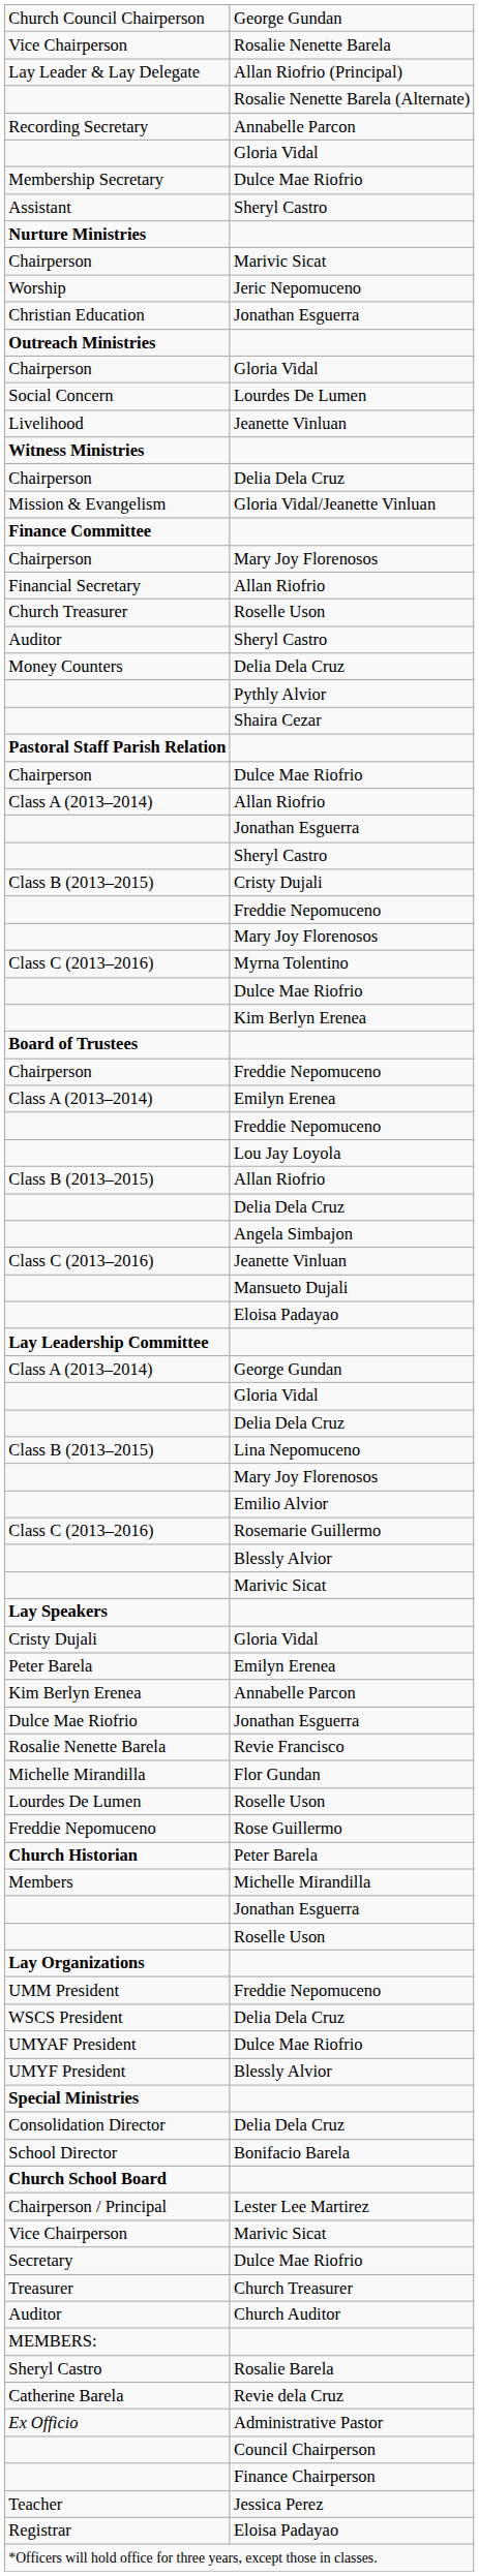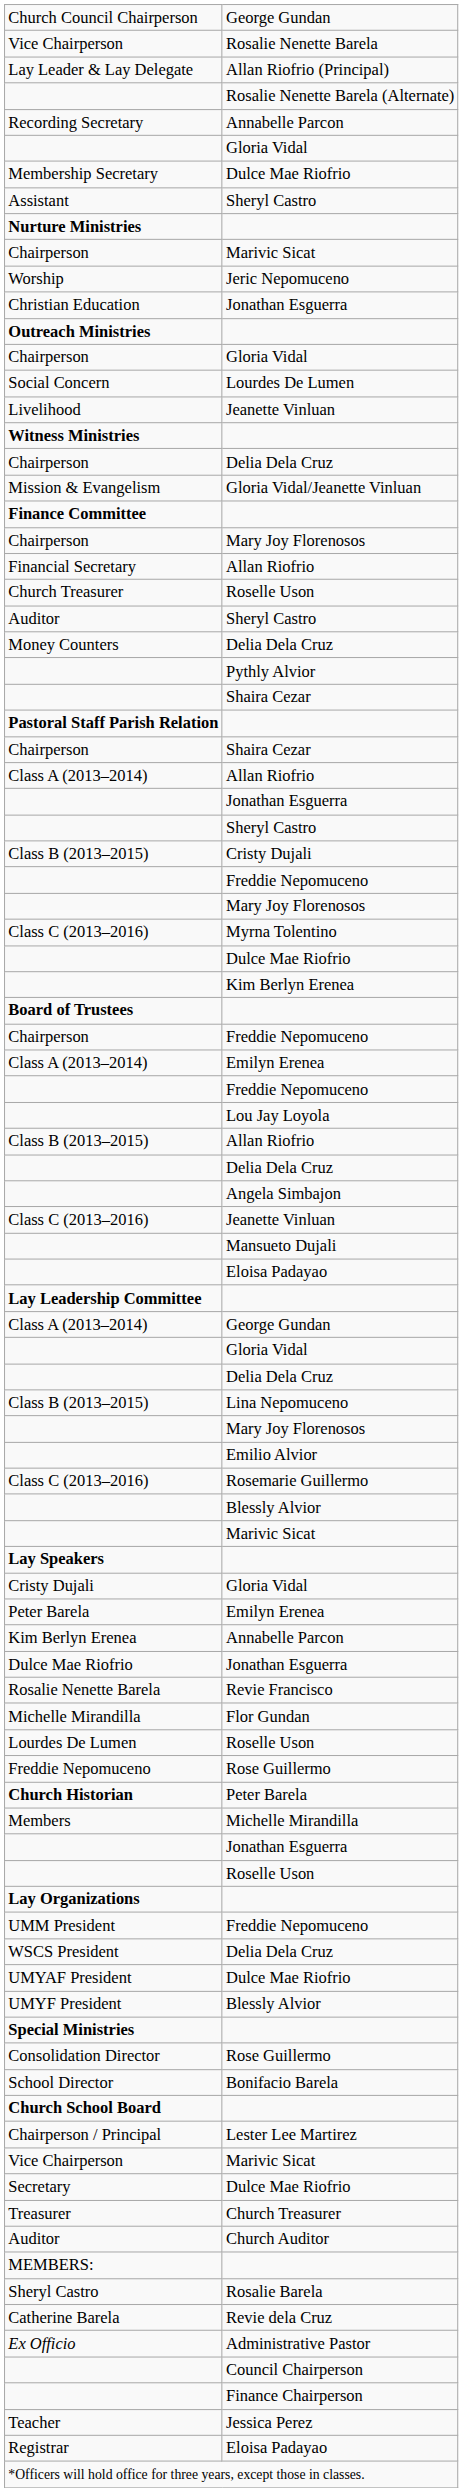 <table class="wikitable">
 <tr>
 <td>Church Council Chairperson</td>
 <td>George Gundan</td>
 </tr>
 <tr>
 <td>Vice Chairperson</td>
 <td>Rosalie Nenette Barela</td>
 </tr>
 <tr>
 <td>Lay Leader & Lay Delegate</td>
 <td>Allan Riofrio (Principal)</td>
 </tr>
 <tr>
 <td></td>
 <td>Rosalie Nenette Barela (Alternate)</td>
 </tr>
 <tr>
 <td>Recording Secretary</td>
 <td>Annabelle Parcon</td>
 </tr>
 <tr>
 <td></td>
 <td>Gloria Vidal</td>
 </tr>
 <tr>
 <td>Membership Secretary</td>
 <td>Dulce Mae Riofrio</td>
 </tr>
 <tr>
 <td>Assistant</td>
 <td>Sheryl Castro</td>
 </tr>
 <tr>
 <td><strong>Nurture Ministries</strong></td>
 <td></td>
 </tr>
 <tr>
 <td>Chairperson</td>
 <td>Marivic Sicat</td>
 </tr>
 <tr>
 <td>Worship</td>
 <td>Jeric Nepomuceno</td>
 </tr>
 <tr>
 <td>Christian Education</td>
 <td>Jonathan Esguerra</td>
 </tr>
 <tr>
 <td><strong>Outreach Ministries</strong></td>
 <td></td>
 </tr>
 <tr>
 <td>Chairperson</td>
 <td>Gloria Vidal</td>
 </tr>
 <tr>
 <td>Social Concern</td>
 <td>Lourdes De Lumen</td>
 </tr>
 <tr>
 <td>Livelihood</td>
 <td>Jeanette Vinluan</td>
 </tr>
 <tr>
 <td><strong>Witness Ministries</strong></td>
 <td></td>
 </tr>
 <tr>
 <td>Chairperson</td>
 <td>Delia Dela Cruz</td>
 </tr>
 <tr>
 <td>Mission & Evangelism</td>
 <td>Gloria Vidal/Jeanette Vinluan</td>
 </tr>
 <tr>
 <td><strong>Finance Committee</strong></td>
 <td></td>
 </tr>
 <tr>
 <td>Chairperson</td>
 <td>Mary Joy Florenosos</td>
 </tr>
 <tr>
 <td>Financial Secretary</td>
 <td>Allan Riofrio</td>
 </tr>
 <tr>
 <td>Church Treasurer</td>
 <td>Roselle Uson</td>
 </tr>
 <tr>
 <td>Auditor</td>
 <td>Sheryl Castro</td>
 </tr>
 <tr>
 <td>Money Counters</td>
 <td>Delia Dela Cruz</td>
 </tr>
 <tr>
 <td></td>
 <td>Pythly Alvior</td>
 </tr>
 <tr>
 <td></td>
 <td>Shaira Cezar</td>
 </tr>
 <tr>
 <td><strong>Pastoral Staff Parish Relation</strong></td>
 <td></td>
 </tr>
 <tr>
 <td>Chairperson</td>
-<td>Dulce Mae Riofrio</td>
+<td>Shaira Cezar</td>
 </tr>
 <tr>
 <td>Class A (2013–2014)</td>
 <td>Allan Riofrio</td>
 </tr>
 <tr>
 <td></td>
 <td>Jonathan Esguerra</td>
 </tr>
 <tr>
 <td></td>
 <td>Sheryl Castro</td>
 </tr>
 <tr>
 <td>Class B (2013–2015)</td>
 <td>Cristy Dujali</td>
 </tr>
 <tr>
 <td></td>
 <td>Freddie Nepomuceno</td>
 </tr>
 <tr>
 <td></td>
 <td>Mary Joy Florenosos</td>
 </tr>
 <tr>
 <td>Class C (2013–2016)</td>
 <td>Myrna Tolentino</td>
 </tr>
 <tr>
 <td></td>
 <td>Dulce Mae Riofrio</td>
 </tr>
 <tr>
 <td></td>
 <td>Kim Berlyn Erenea</td>
 </tr>
 <tr>
 <td><strong>Board of Trustees </strong></td>
 <td></td>
 </tr>
 <tr>
 <td>Chairperson</td>
 <td>Freddie Nepomuceno</td>
 </tr>
 <tr>
 <td>Class A (2013–2014)</td>
 <td>Emilyn Erenea</td>
 </tr>
 <tr>
 <td></td>
 <td>Freddie Nepomuceno</td>
 </tr>
 <tr>
 <td></td>
 <td>Lou Jay Loyola</td>
 </tr>
 <tr>
 <td>Class B (2013–2015)</td>
 <td>Allan Riofrio</td>
 </tr>
 <tr>
 <td></td>
 <td>Delia Dela Cruz</td>
 </tr>
 <tr>
 <td></td>
 <td>Angela Simbajon</td>
 </tr>
 <tr>
 <td>Class C (2013–2016)</td>
 <td>Jeanette Vinluan</td>
 </tr>
 <tr>
 <td></td>
 <td>Mansueto Dujali</td>
 </tr>
 <tr>
 <td></td>
 <td>Eloisa Padayao</td>
 </tr>
 <tr>
 <td><strong>Lay Leadership Committee</strong></td>
 <td></td>
 </tr>
 <tr>
 <td>Class A (2013–2014)</td>
 <td>George Gundan</td>
 </tr>
 <tr>
 <td></td>
 <td>Gloria Vidal</td>
 </tr>
 <tr>
 <td></td>
 <td>Delia Dela Cruz</td>
 </tr>
 <tr>
 <td>Class B (2013–2015)</td>
 <td>Lina Nepomuceno</td>
 </tr>
 <tr>
 <td></td>
 <td>Mary Joy Florenosos</td>
 </tr>
 <tr>
 <td></td>
 <td>Emilio Alvior</td>
 </tr>
 <tr>
 <td>Class C (2013–2016)</td>
 <td>Rosemarie Guillermo</td>
 </tr>
 <tr>
 <td></td>
 <td>Blessly Alvior</td>
 </tr>
 <tr>
 <td></td>
 <td>Marivic Sicat</td>
 </tr>
 <tr>
 <td><strong>Lay Speakers</strong></td>
 <td></td>
 </tr>
 <tr>
 <td>Cristy Dujali</td>
 <td>Gloria Vidal</td>
 </tr>
 <tr>
 <td>Peter Barela</td>
 <td>Emilyn Erenea</td>
 </tr>
 <tr>
 <td>Kim Berlyn Erenea</td>
 <td>Annabelle Parcon</td>
 </tr>
 <tr>
 <td>Dulce Mae Riofrio</td>
 <td>Jonathan Esguerra</td>
 </tr>
 <tr>
 <td>Rosalie Nenette Barela</td>
 <td>Revie Francisco</td>
 </tr>
 <tr>
 <td>Michelle Mirandilla</td>
 <td>Flor Gundan</td>
 </tr>
 <tr>
 <td>Lourdes De Lumen</td>
 <td>Roselle Uson</td>
 </tr>
 <tr>
 <td>Freddie Nepomuceno</td>
 <td>Rose Guillermo</td>
 </tr>
 <tr>
 <td><strong>Church Historian</strong></td>
 <td>Peter Barela</td>
 </tr>
 <tr>
 <td>Members</td>
 <td>Michelle Mirandilla</td>
 </tr>
 <tr>
 <td></td>
 <td>Jonathan Esguerra</td>
 </tr>
 <tr>
 <td></td>
 <td>Roselle Uson</td>
 </tr>
 <tr>
 <td><strong>Lay Organizations</strong></td>
 <td></td>
 </tr>
 <tr>
 <td>UMM President</td>
 <td>Freddie Nepomuceno</td>
 </tr>
 <tr>
 <td>WSCS President</td>
 <td>Delia Dela Cruz</td>
 </tr>
 <tr>
 <td>UMYAF President</td>
 <td>Dulce Mae Riofrio</td>
 </tr>
 <tr>
 <td>UMYF President</td>
 <td>Blessly Alvior</td>
 </tr>
 <tr>
 <td><strong>Special Ministries</strong></td>
 <td></td>
 </tr>
 <tr>
 <td>Consolidation Director</td>
-<td>Delia Dela Cruz</td>
+<td>Rose Guillermo</td>
 </tr>
 <tr>
 <td>School Director</td>
 <td>Bonifacio Barela</td>
 </tr>
 <tr>
 <td><strong>Church School Board</strong></td>
 <td></td>
 </tr>
 <tr>
 <td>Chairperson / Principal</td>
 <td>Lester Lee Martirez</td>
 </tr>
 <tr>
 <td>Vice Chairperson</td>
 <td>Marivic Sicat</td>
 </tr>
 <tr>
 <td>Secretary</td>
 <td>Dulce Mae Riofrio</td>
 </tr>
 <tr>
 <td>Treasurer</td>
 <td>Church Treasurer</td>
 </tr>
 <tr>
 <td>Auditor</td>
 <td>Church Auditor</td>
 </tr>
 <tr>
 <td>MEMBERS:</td>
 <td></td>
 </tr>
 <tr>
 <td>Sheryl Castro</td>
 <td>Rosalie Barela</td>
 </tr>
 <tr>
 <td>Catherine Barela</td>
 <td>Revie dela Cruz</td>
 </tr>
 <tr>
 <td><em>Ex Officio</em></td>
 <td>Administrative Pastor</td>
 </tr>
 <tr>
 <td></td>
 <td>Council Chairperson</td>
 </tr>
 <tr>
 <td></td>
 <td>Finance Chairperson</td>
 </tr>
 <tr>
 <td>Teacher</td>
 <td>Jessica Perez</td>
 </tr>
 <tr>
 <td>Registrar</td>
 <td>Eloisa Padayao</td>
 </tr>
 <tr>
 <td colspan="2"><small>*Officers will hold office for three years, except those in classes.</small></td>
 </tr>
 </table>
